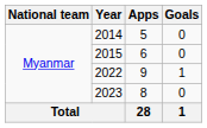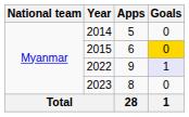 <table class="wikitable" style="text-align:center">
 <tr>
 <th>National team</th>
 <th>Year</th>
 <th>Apps</th>
 <th>Goals</th>
 </tr>
 <tr>
 <td rowspan="4"><a href='#'>Myanmar</a></td>
 <td>2014</td>
 <td>5</td>
 <td>0</td>
 </tr>
 <tr>
 <td>2015</td>
 <td>6</td>
-<td>0</td>
+<td style="background: gold;">0</td>
 </tr>
 <tr>
 <td>2022</td>
 <td>9</td>
-<td>1</td>
+<td style="background: lavender;">1</td>
 </tr>
 <tr>
 <td>2023</td>
 <td>8</td>
 <td>0</td>
 </tr>
 <tr>
 <th colspan="2">Total</th>
 <th>28</th>
 <th>1</th>
 </tr>
 </table>
